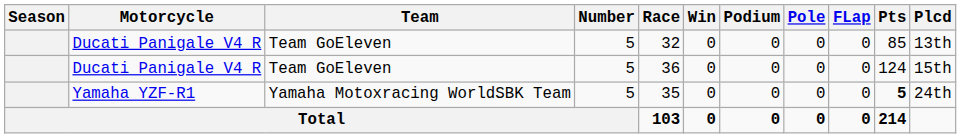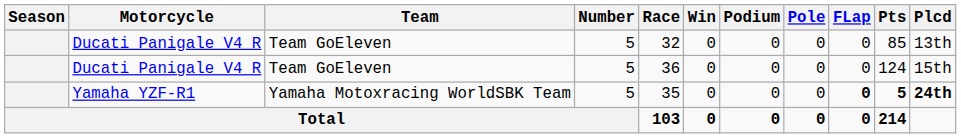 <table class="wikitable" style="text-align:right;">
 <tr>
 <th>Season</th>
 <th>Motorcycle</th>
 <th>Team</th>
 <th>Number</th>
 <th>Race</th>
 <th>Win</th>
 <th>Podium</th>
 <th><a href='#'>Pole</a></th>
 <th><a href='#'>FLap</a></th>
 <th>Pts</th>
 <th>Plcd</th>
 </tr>
 <tr>
 <th></th>
 <td style="text-align:left;"><a href='#'>Ducati Panigale V4 R</a></td>
 <td style="text-align:left;">Team GoEleven</td>
 <td>5</td>
 <td>32</td>
 <td>0</td>
 <td>0</td>
 <td>0</td>
 <td>0</td>
 <td>85</td>
 <td>13th</td>
 </tr>
 <tr>
 <th></th>
 <td style="text-align:left;"><a href='#'>Ducati Panigale V4 R</a></td>
 <td style="text-align:left;">Team GoEleven</td>
 <td>5</td>
 <td>36</td>
 <td>0</td>
 <td>0</td>
 <td>0</td>
 <td>0</td>
 <td>124</td>
 <td>15th</td>
 </tr>
 <tr>
 <th></th>
 <td style="text-align:left;"><a href='#'>Yamaha YZF-R1</a></td>
 <td style="text-align:left;">Yamaha Motoxracing WorldSBK Team</td>
 <td>5</td>
 <td>35</td>
 <td>0</td>
 <td>0</td>
 <td>0</td>
-<td>0</td>
+<td><strong>0</strong></td>
 <td><strong>5</strong></td>
-<td>24th</td>
+<td><strong>24th</strong></td>
 </tr>
 <tr>
 <th colspan="4">Total</th>
 <td><strong>103</strong></td>
 <td><strong>0</strong></td>
 <td><strong>0</strong></td>
 <td><strong>0</strong></td>
 <td><strong>0</strong></td>
 <td><strong>214</strong></td>
 <td></td>
 </tr>
 </table>
